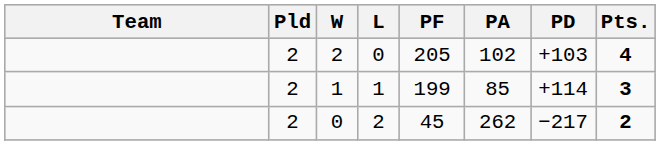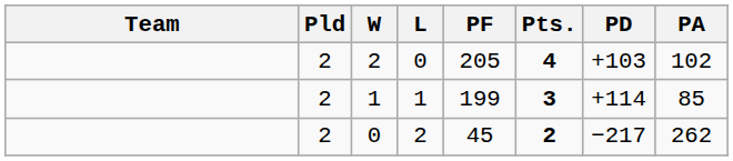 <table class=wikitable style="text-align:center">
 <tr>
 <th width=160>Team</th>
 <th width=20>Pld</th>
 <th width=20>W</th>
 <th width=20>L</th>
 <th width=35>PF</th>
+<th width=30>Pts.</th>
+<th width=35>PD</th>
 <th width=35>PA</th>
-<th width=35>PD</th>
-<th width=30>Pts.</th>
 </tr>
 <tr>
 <td align=left></td>
 <td>2</td>
 <td>2</td>
 <td>0</td>
 <td>205</td>
+<td><strong>4</strong></td>
+<td>+103</td>
 <td>102</td>
-<td>+103</td>
-<td><strong>4</strong></td>
 </tr>
 <tr>
 <td align=left></td>
 <td>2</td>
 <td>1</td>
 <td>1</td>
 <td>199</td>
+<td><strong>3</strong></td>
+<td>+114</td>
 <td>85</td>
-<td>+114</td>
-<td><strong>3</strong></td>
 </tr>
 <tr>
 <td align=left></td>
 <td>2</td>
 <td>0</td>
 <td>2</td>
 <td>45</td>
+<td><strong>2</strong></td>
+<td>−217</td>
 <td>262</td>
-<td>−217</td>
-<td><strong>2</strong></td>
 </tr>
 </table>
